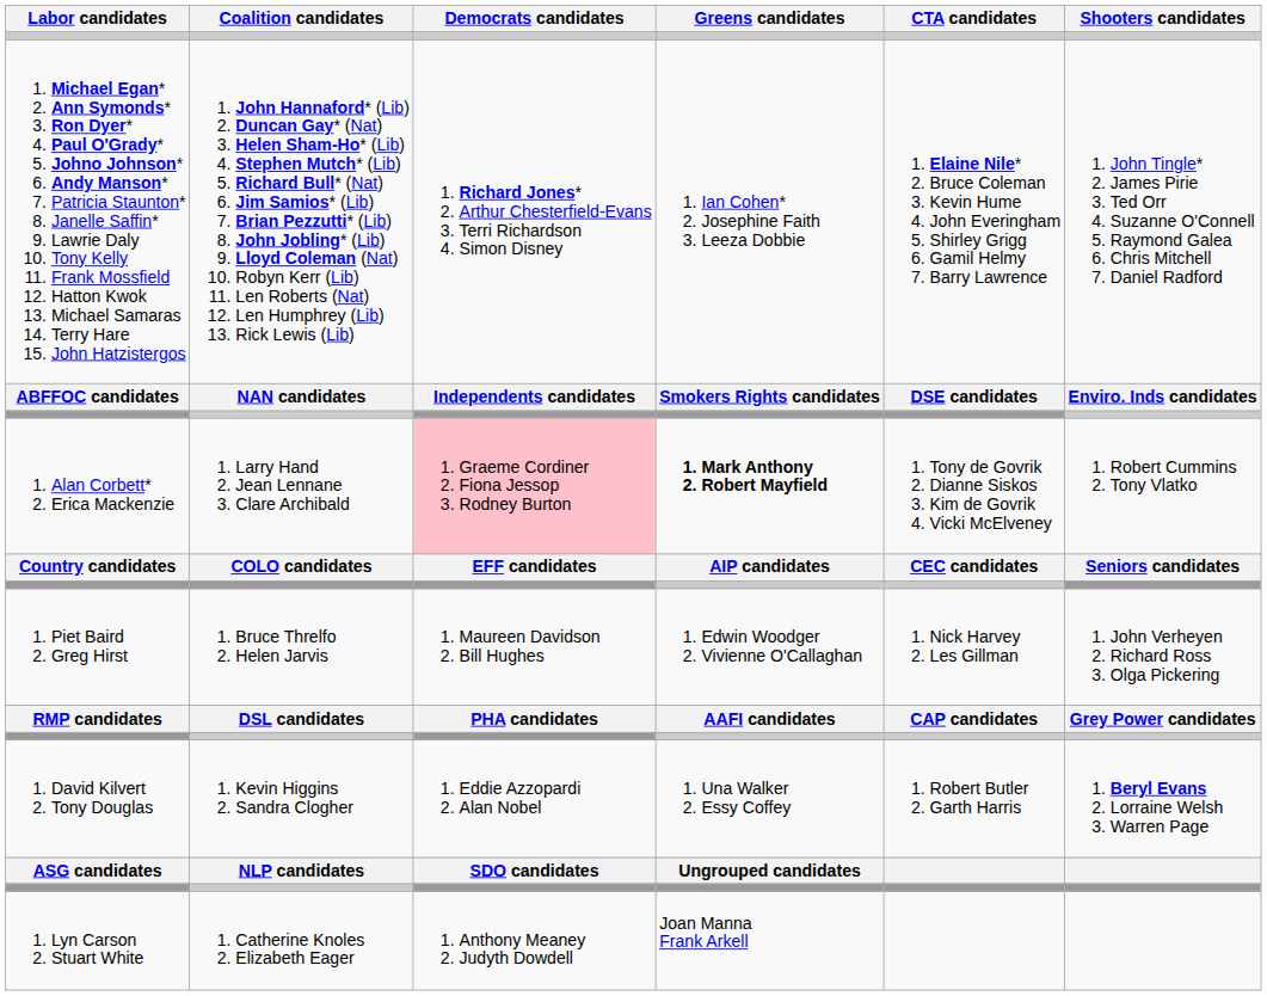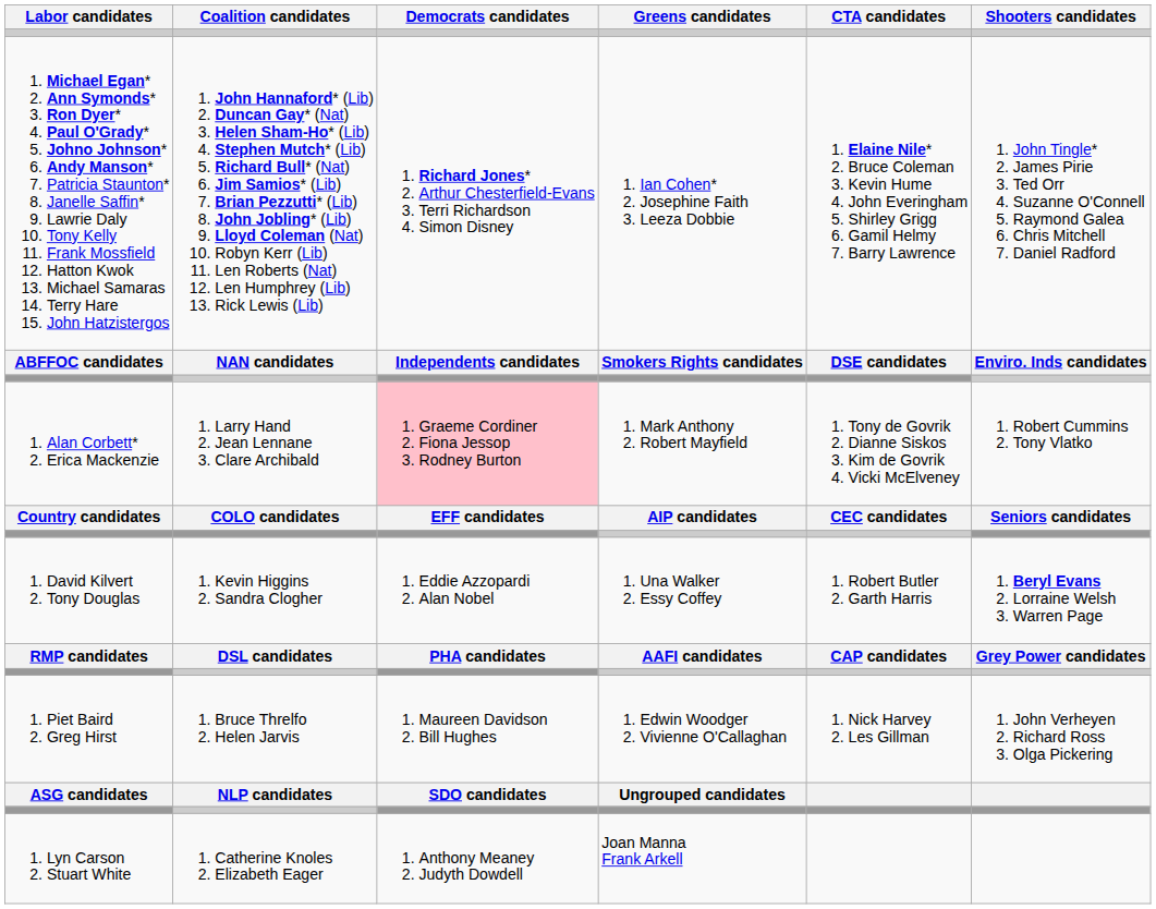 <table class="wikitable">
 <tr>
 <th><a href='#'>Labor</a> candidates</th>
 <th><a href='#'>Coalition</a> candidates</th>
 <th><a href='#'>Democrats</a> candidates</th>
 <th><a href='#'>Greens</a> candidates</th>
 <th><a href='#'>CTA</a> candidates</th>
 <th><a href='#'>Shooters</a> candidates</th>
 </tr>
 <tr bgcolor="#cccccc">
 <td></td>
 <td></td>
 <td></td>
 <td></td>
 <td></td>
 <td></td>
 </tr>
 <tr>
 <td><br><ol><li><strong><a href='#'>Michael Egan</a></strong>*</li><li><strong><a href='#'>Ann Symonds</a></strong>*</li><li><strong><a href='#'>Ron Dyer</a></strong>*</li><li><strong><a href='#'>Paul O'Grady</a></strong>*</li><li><strong><a href='#'>Johno Johnson</a></strong>*</li><li><strong><a href='#'>Andy Manson</a></strong>*</li><li><a href='#'>Patricia Staunton</a>*</li><li><a href='#'>Janelle Saffin</a>*</li><li>Lawrie Daly</li><li><a href='#'>Tony Kelly</a></li><li><a href='#'>Frank Mossfield</a></li><li>Hatton Kwok</li><li>Michael Samaras</li><li>Terry Hare</li><li><a href='#'>John Hatzistergos</a></li></ol></td>
 <td><br><ol><li><strong><a href='#'>John Hannaford</a></strong>* (<a href='#'>Lib</a>)</li><li><strong><a href='#'>Duncan Gay</a></strong>* (<a href='#'>Nat</a>)</li><li><strong><a href='#'>Helen Sham-Ho</a></strong>* (<a href='#'>Lib</a>)</li><li><strong><a href='#'>Stephen Mutch</a></strong>* (<a href='#'>Lib</a>)</li><li><strong><a href='#'>Richard Bull</a></strong>* (<a href='#'>Nat</a>)</li><li><strong><a href='#'>Jim Samios</a></strong>* (<a href='#'>Lib</a>)</li><li><strong><a href='#'>Brian Pezzutti</a></strong>* (<a href='#'>Lib</a>)</li><li><strong><a href='#'>John Jobling</a></strong>* (<a href='#'>Lib</a>)</li><li><strong><a href='#'>Lloyd Coleman</a></strong> (<a href='#'>Nat</a>)</li><li>Robyn Kerr (<a href='#'>Lib</a>)</li><li>Len Roberts (<a href='#'>Nat</a>)</li><li>Len Humphrey (<a href='#'>Lib</a>)</li><li>Rick Lewis (<a href='#'>Lib</a>)</li></ol></td>
 <td><br><ol><li><strong><a href='#'>Richard Jones</a></strong>*</li><li><a href='#'>Arthur Chesterfield-Evans</a></li><li>Terri Richardson</li><li>Simon Disney</li></ol></td>
 <td><br><ol><li><a href='#'>Ian Cohen</a>*</li><li>Josephine Faith</li><li>Leeza Dobbie</li></ol></td>
 <td><br><ol><li><strong><a href='#'>Elaine Nile</a></strong>*</li><li>Bruce Coleman</li><li>Kevin Hume</li><li>John Everingham</li><li>Shirley Grigg</li><li>Gamil Helmy</li><li>Barry Lawrence</li></ol></td>
 <td><br><ol><li><a href='#'>John Tingle</a>*</li><li>James Pirie</li><li>Ted Orr</li><li>Suzanne O'Connell</li><li>Raymond Galea</li><li>Chris Mitchell</li><li>Daniel Radford</li></ol></td>
 </tr>
 <tr bgcolor="#cccccc">
 <th><a href='#'>ABFFOC</a> candidates</th>
 <th><a href='#'>NAN</a> candidates</th>
 <th><a href='#'>Independents</a> candidates</th>
 <th><a href='#'>Smokers Rights</a> candidates</th>
 <th><a href='#'>DSE</a> candidates</th>
 <th><a href='#'>Enviro. Inds</a> candidates</th>
 </tr>
 <tr bgcolor="#cccccc">
 <td bgcolor="#999999"></td>
 <td></td>
 <td bgcolor="#999999"></td>
 <td bgcolor="#999999"></td>
 <td bgcolor="#999999"></td>
 <td></td>
 </tr>
 <tr>
 <td><br><ol><li><a href='#'>Alan Corbett</a>*</li><li>Erica Mackenzie</li></ol></td>
 <td valign=top><br><ol><li>Larry Hand</li><li>Jean Lennane</li><li>Clare Archibald</li></ol></td>
 <td valign=top style="background: pink;"><br><ol><li>Graeme Cordiner</li><li>Fiona Jessop</li><li>Rodney Burton</li></ol></td>
-<td valign=top><strong><br><ol><li>Mark Anthony</li><li>Robert Mayfield</li></ol></strong></td>
+<td valign=top><br><ol><li>Mark Anthony</li><li>Robert Mayfield</li></ol></td>
 <td valign=top><br><ol><li>Tony de Govrik</li><li>Dianne Siskos</li><li>Kim de Govrik</li><li>Vicki McElveney</li></ol></td>
 <td valign=top><br><ol><li>Robert Cummins</li><li>Tony Vlatko</li></ol></td>
 </tr>
 <tr bgcolor="#cccccc">
 <th><a href='#'>Country</a> candidates</th>
 <th><a href='#'>COLO</a> candidates</th>
 <th><a href='#'>EFF</a> candidates</th>
 <th><a href='#'>AIP</a> candidates</th>
 <th><a href='#'>CEC</a> candidates</th>
 <th><a href='#'>Seniors</a> candidates</th>
 </tr>
 <tr bgcolor="#cccccc">
 <td bgcolor="#999999"></td>
 <td bgcolor="#999999"></td>
 <td bgcolor="#999999"></td>
 <td></td>
 <td></td>
 <td bgcolor="#999999"></td>
 </tr>
 <tr>
-<td valign=top><br><ol><li>Piet Baird</li><li>Greg Hirst</li></ol></td>
-<td valign=top><br><ol><li>Bruce Threlfo</li><li>Helen Jarvis</li></ol></td>
-<td valign=top><br><ol><li>Maureen Davidson</li><li>Bill Hughes</li></ol></td>
-<td valign=top><br><ol><li>Edwin Woodger</li><li>Vivienne O'Callaghan</li></ol></td>
-<td valign=top><br><ol><li>Nick Harvey</li><li>Les Gillman</li></ol></td>
-<td valign=top><br><ol><li>John Verheyen</li><li>Richard Ross</li><li>Olga Pickering</li></ol></td>
+<td valign=top><br><ol><li>David Kilvert</li><li>Tony Douglas</li></ol></td>
+<td valign=top><br><ol><li>Kevin Higgins</li><li>Sandra Clogher</li></ol></td>
+<td valign=top><br><ol><li>Eddie Azzopardi</li><li>Alan Nobel</li></ol></td>
+<td valign=top><br><ol><li>Una Walker</li><li>Essy Coffey</li></ol></td>
+<td valign=top><br><ol><li>Robert Butler</li><li>Garth Harris</li></ol></td>
+<td valign=top><br><ol><li><strong><a href='#'>Beryl Evans</a></strong></li><li>Lorraine Welsh</li><li>Warren Page</li></ol></td>
 </tr>
 <tr bgcolor="#cccccc">
 <th><a href='#'>RMP</a> candidates</th>
 <th><a href='#'>DSL</a> candidates</th>
 <th><a href='#'>PHA</a> candidates</th>
 <th><a href='#'>AAFI</a> candidates</th>
 <th><a href='#'>CAP</a> candidates</th>
 <th><a href='#'>Grey Power</a> candidates</th>
 </tr>
 <tr bgcolor="#cccccc">
 <td bgcolor="#999999"></td>
 <td></td>
 <td bgcolor="#999999"></td>
 <td></td>
 <td></td>
 <td></td>
 </tr>
 <tr>
-<td valign=top><br><ol><li>David Kilvert</li><li>Tony Douglas</li></ol></td>
-<td valign=top><br><ol><li>Kevin Higgins</li><li>Sandra Clogher</li></ol></td>
-<td valign=top><br><ol><li>Eddie Azzopardi</li><li>Alan Nobel</li></ol></td>
-<td valign=top><br><ol><li>Una Walker</li><li>Essy Coffey</li></ol></td>
-<td valign=top><br><ol><li>Robert Butler</li><li>Garth Harris</li></ol></td>
-<td valign=top><br><ol><li><strong><a href='#'>Beryl Evans</a></strong></li><li>Lorraine Welsh</li><li>Warren Page</li></ol></td>
+<td valign=top><br><ol><li>Piet Baird</li><li>Greg Hirst</li></ol></td>
+<td valign=top><br><ol><li>Bruce Threlfo</li><li>Helen Jarvis</li></ol></td>
+<td valign=top><br><ol><li>Maureen Davidson</li><li>Bill Hughes</li></ol></td>
+<td valign=top><br><ol><li>Edwin Woodger</li><li>Vivienne O'Callaghan</li></ol></td>
+<td valign=top><br><ol><li>Nick Harvey</li><li>Les Gillman</li></ol></td>
+<td valign=top><br><ol><li>John Verheyen</li><li>Richard Ross</li><li>Olga Pickering</li></ol></td>
 </tr>
 <tr bgcolor="#cccccc">
 <th><a href='#'>ASG</a> candidates</th>
 <th><a href='#'>NLP</a> candidates</th>
 <th><a href='#'>SDO</a> candidates</th>
 <th>Ungrouped candidates</th>
 <th></th>
 <th></th>
 </tr>
 <tr bgcolor="#cccccc">
 <td bgcolor="#999999"></td>
 <td></td>
 <td bgcolor="#999999"></td>
 <td bgcolor="#999999"></td>
 <td bgcolor="#999999"></td>
 <td bgcolor="#999999"></td>
 </tr>
 <tr>
 <td valign=top><br><ol><li>Lyn Carson</li><li>Stuart White</li></ol></td>
 <td valign=top><br><ol><li>Catherine Knoles</li><li>Elizabeth Eager</li></ol></td>
 <td valign=top><br><ol><li>Anthony Meaney</li><li>Judyth Dowdell</li></ol></td>
 <td valign=top><br>Joan Manna<br> <a href='#'>Frank Arkell</a></td>
 <td valign=top></td>
 <td valign=top></td>
 </tr>
 </table>
